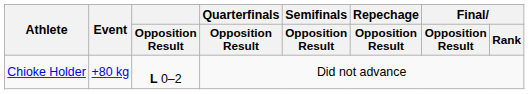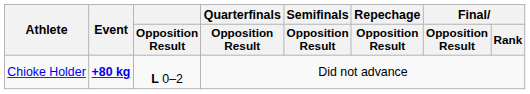 <table class=wikitable style=font-size:90%;text-align:center>
 <tr>
 <th rowspan=2>Athlete</th>
 <th rowspan=2>Event</th>
 <th></th>
 <th>Quarterfinals</th>
 <th>Semifinals</th>
 <th>Repechage</th>
 <th colspan=2>Final/ </th>
 </tr>
 <tr style=font-size:95%>
 <th>Opposition<br>Result</th>
 <th>Opposition<br>Result</th>
 <th>Opposition<br>Result</th>
 <th>Opposition<br>Result</th>
 <th>Opposition<br>Result</th>
 <th>Rank</th>
 </tr>
 <tr align=center>
 <td align=left><a href='#'>Chioke Holder</a></td>
-<td align=left><a href='#'>+80 kg</a></td>
+<td align=left><strong><a href='#'>+80 kg</a></strong></td>
 <td><br><strong>L</strong> 0–2</td>
 <td colspan="5">Did not advance</td>
 </tr>
 </table>
